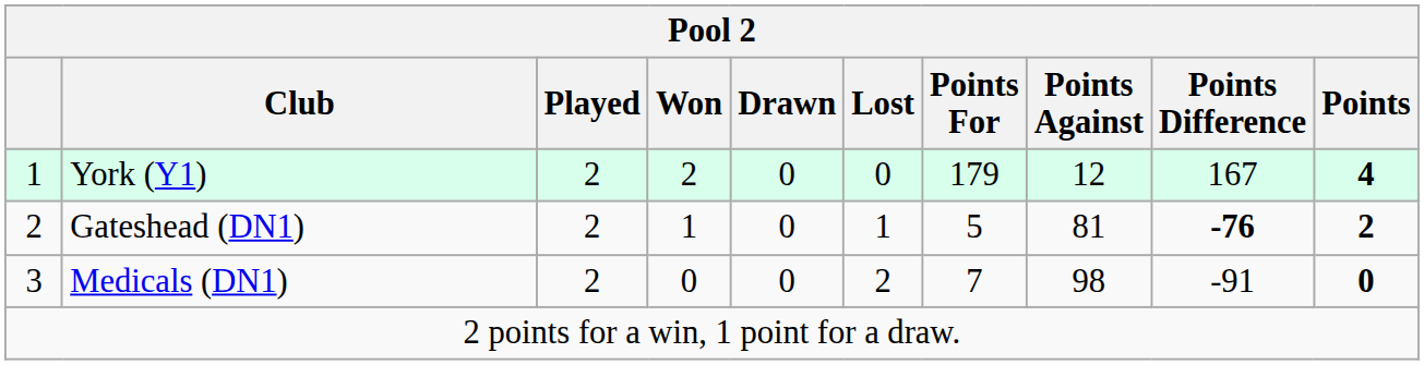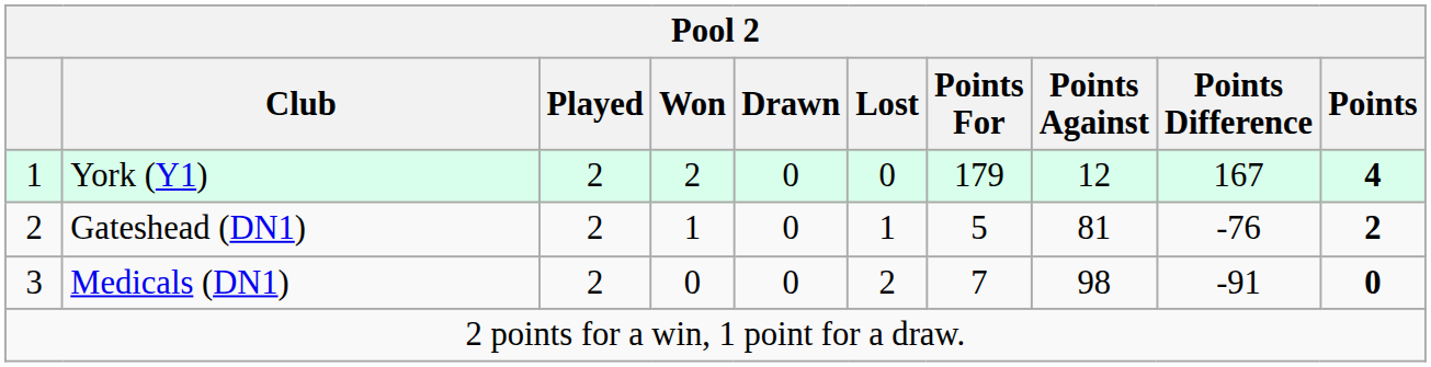 <table class="wikitable" style="text-align: center;">
 <tr>
 <th colspan=15><strong>Pool 2</strong></th>
 </tr>
 <tr>
 <th bgcolor="#efefef" width="20"></th>
 <th bgcolor="#efefef" width="220">Club</th>
 <th bgcolor="#efefef" width="20">Played</th>
 <th bgcolor="#efefef" width="20">Won</th>
 <th bgcolor="#efefef" width="20">Drawn</th>
 <th bgcolor="#efefef" width="20">Lost</th>
 <th bgcolor="#efefef" width="20">Points For</th>
 <th bgcolor="#efefef" width="20">Points Against</th>
 <th bgcolor="#efefef" width="20">Points Difference</th>
 <th bgcolor="#efefef" width="20">Points</th>
 </tr>
 <tr bgcolor=#d8ffeb align=center>
 <td>1</td>
 <td style="text-align:left;">York (<a href='#'>Y1</a>)</td>
 <td>2</td>
 <td>2</td>
 <td>0</td>
 <td>0</td>
 <td>179</td>
 <td>12</td>
 <td>167</td>
 <td><strong>4</strong></td>
 </tr>
 <tr>
 <td>2</td>
 <td style="text-align:left;">Gateshead (<a href='#'>DN1</a>)</td>
 <td>2</td>
 <td>1</td>
 <td>0</td>
 <td>1</td>
 <td>5</td>
 <td>81</td>
-<td><strong>-76</strong></td>
+<td>-76</td>
 <td><strong>2</strong></td>
 </tr>
 <tr>
 <td>3</td>
 <td style="text-align:left;"><a href='#'>Medicals</a> (<a href='#'>DN1</a>)</td>
 <td>2</td>
 <td>0</td>
 <td>0</td>
 <td>2</td>
 <td>7</td>
 <td>98</td>
 <td>-91</td>
 <td><strong>0</strong></td>
 </tr>
 <tr>
 <td colspan=15>2 points for a win, 1 point for a draw.</td>
 </tr>
 </table>
